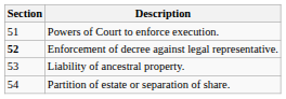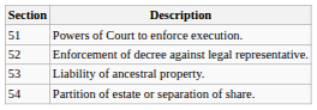 <table class="wikitable">
 <tr>
 <th>Section</th>
 <th>Description</th>
 </tr>
 <tr>
 <td>51</td>
 <td>Powers of Court to enforce execution.</td>
 </tr>
 <tr>
-<td><strong>52</strong></td>
+<td>52</td>
 <td>Enforcement of decree against legal representative.</td>
 </tr>
 <tr>
 <td>53</td>
 <td>Liability of ancestral property.</td>
 </tr>
 <tr>
 <td>54</td>
 <td>Partition of estate or separation of share.</td>
 </tr>
 </table>
